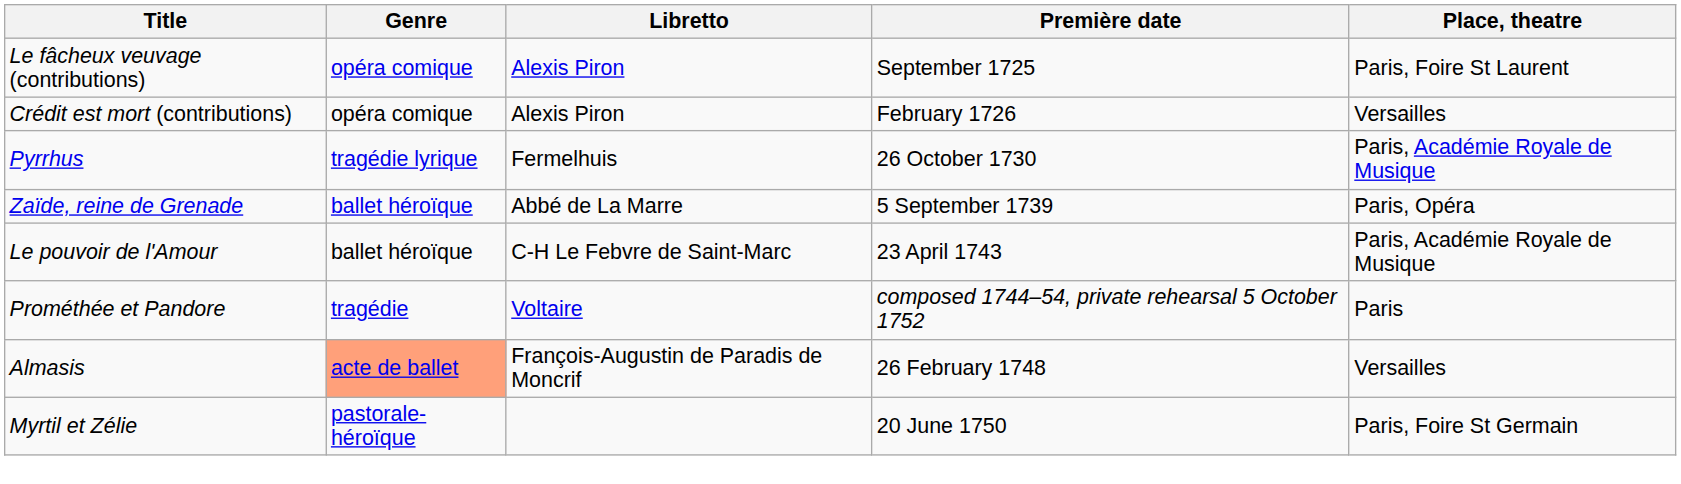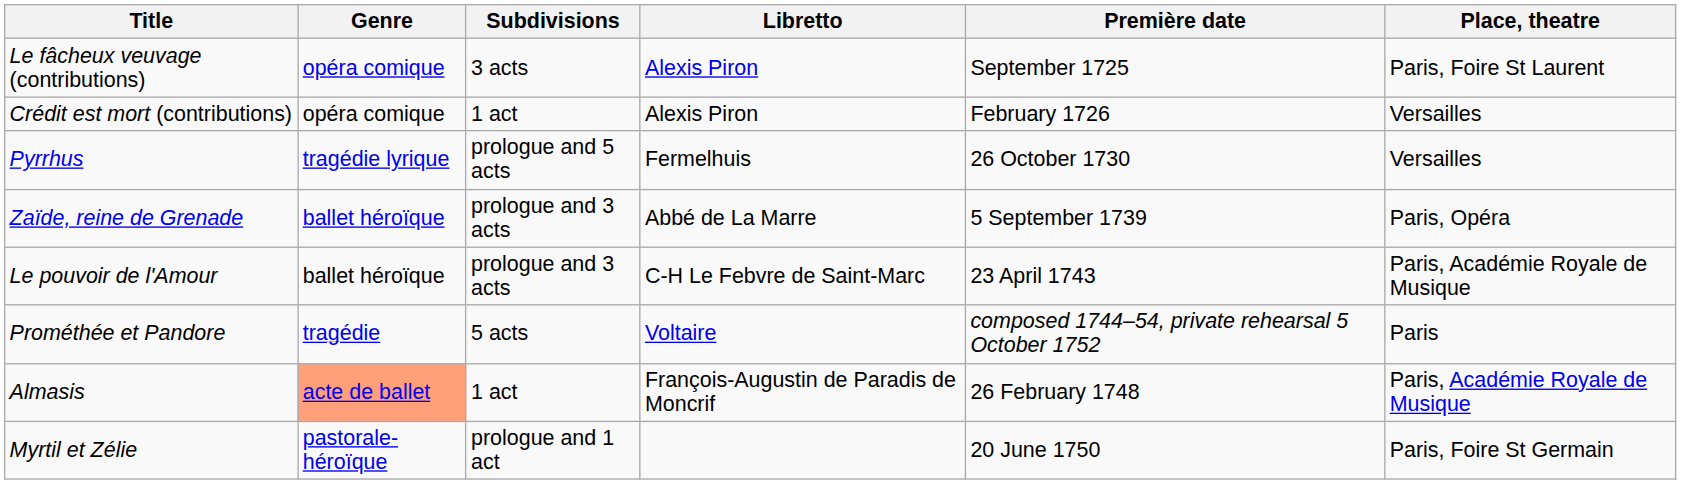 <table class="wikitable">
 <tr>
 <th>Title</th>
 <th>Genre</th>
+<th>Sub­divisions</th>
 <th>Libretto</th>
 <th>Première date</th>
 <th>Place, theatre</th>
 </tr>
 <tr>
 <td><em>Le fâcheux veuvage</em> (contributions)</td>
 <td><a href='#'>opéra comique</a></td>
+<td>3 acts</td>
 <td><a href='#'>Alexis Piron</a></td>
 <td> September 1725</td>
 <td>Paris, Foire St Laurent</td>
 </tr>
 <tr>
 <td><em>Crédit est mort</em> (contributions)</td>
 <td>opéra comique</td>
+<td>1 act</td>
 <td>Alexis Piron</td>
 <td>February 1726</td>
 <td>Versailles</td>
 </tr>
 <tr>
 <td><em><a href='#'>Pyrrhus</a></em></td>
 <td><a href='#'>tragédie lyrique</a></td>
+<td>prologue and 5 acts</td>
 <td> Fermelhuis</td>
 <td>26 October 1730</td>
-<td>Paris, <a href='#'>Académie Royale de Musique</a></td>
+<td>Versailles</td>
 </tr>
 <tr>
 <td><em><a href='#'>Zaïde, reine de Grenade</a></em></td>
 <td><a href='#'>ballet héroïque</a></td>
+<td>prologue and 3 acts</td>
 <td>Abbé de La Marre</td>
 <td>5 September 1739</td>
 <td>Paris, Opéra</td>
 </tr>
 <tr>
 <td><em>Le pouvoir de l'Amour</em></td>
 <td>ballet héroïque</td>
+<td>prologue and 3 acts</td>
 <td>C-H Le Febvre de Saint-Marc</td>
 <td>23 April 1743</td>
 <td>Paris, Académie Royale de Musique</td>
 </tr>
 <tr>
 <td><em>Prométhée et Pandore</em></td>
 <td><a href='#'>tragédie</a></td>
+<td>5 acts</td>
 <td><a href='#'>Voltaire</a></td>
 <td><em>composed 1744–54, private rehearsal 5 October 1752</em></td>
 <td>Paris</td>
 </tr>
 <tr>
 <td><em>Almasis</em></td>
 <td style="background: lightsalmon;"><a href='#'>acte de ballet</a></td>
+<td>1 act</td>
 <td>François-Augustin de Paradis de Moncrif</td>
 <td>26 February 1748</td>
-<td>Versailles</td>
+<td>Paris, <a href='#'>Académie Royale de Musique</a></td>
 </tr>
 <tr>
 <td><em>Myrtil et Zélie</em></td>
 <td><a href='#'>pastorale-héroïque</a></td>
+<td>prologue and 1 act</td>
 <td></td>
 <td>20 June 1750</td>
 <td>Paris, Foire St Germain</td>
 </tr>
 </table>
